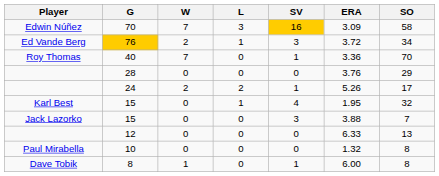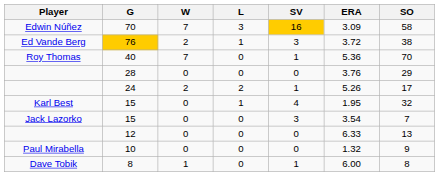 <table class="wikitable sortable">
 <tr>
 <th bgcolor="#DDDDFF" width="16%">Player</th>
 <th bgcolor="#DDDDFF" width="9%">G</th>
 <th bgcolor="#DDDDFF" width="9%">W</th>
 <th bgcolor="#DDDDFF" width="9%">L</th>
 <th bgcolor="#DDDDFF" width="9%">SV</th>
 <th bgcolor="#DDDDFF" width="9%">ERA</th>
 <th bgcolor="#DDDDFF" width="9%">SO</th>
 </tr>
 <tr align="center">
 <td><a href='#'>Edwin Núñez</a></td>
 <td>70</td>
 <td>7</td>
 <td>3</td>
 <td style="background:#fc0;">16</td>
 <td>3.09</td>
 <td>58</td>
 </tr>
 <tr align=center>
 <td><a href='#'>Ed Vande Berg</a></td>
 <td style="background:#fc0;">76</td>
 <td>2</td>
 <td>1</td>
 <td>3</td>
 <td>3.72</td>
-<td>34</td>
+<td>38</td>
 </tr>
 <tr align=center>
 <td><a href='#'>Roy Thomas</a></td>
 <td>40</td>
 <td>7</td>
 <td>0</td>
 <td>1</td>
-<td>3.36</td>
+<td>5.36</td>
 <td>70</td>
 </tr>
 <tr align=center>
 <td></td>
 <td>28</td>
 <td>0</td>
 <td>0</td>
 <td>0</td>
 <td>3.76</td>
 <td>29</td>
 </tr>
 <tr align="center">
 <td></td>
 <td>24</td>
 <td>2</td>
 <td>2</td>
 <td>1</td>
 <td>5.26</td>
 <td>17</td>
 </tr>
 <tr align="center">
 <td><a href='#'>Karl Best</a></td>
 <td>15</td>
 <td>0</td>
 <td>1</td>
 <td>4</td>
 <td>1.95</td>
 <td>32</td>
 </tr>
 <tr align=center>
 <td><a href='#'>Jack Lazorko</a></td>
 <td>15</td>
 <td>0</td>
 <td>0</td>
 <td>3</td>
-<td>3.88</td>
+<td>3.54</td>
 <td>7</td>
 </tr>
 <tr align=center>
 <td></td>
 <td>12</td>
 <td>0</td>
 <td>0</td>
 <td>0</td>
 <td>6.33</td>
 <td>13</td>
 </tr>
 <tr align="center">
 <td><a href='#'>Paul Mirabella</a></td>
 <td>10</td>
 <td>0</td>
 <td>0</td>
 <td>0</td>
 <td>1.32</td>
-<td>8</td>
+<td>9</td>
 </tr>
 <tr align=center>
 <td><a href='#'>Dave Tobik</a></td>
 <td>8</td>
 <td>1</td>
 <td>0</td>
 <td>1</td>
 <td>6.00</td>
 <td>8</td>
 </tr>
 </table>
